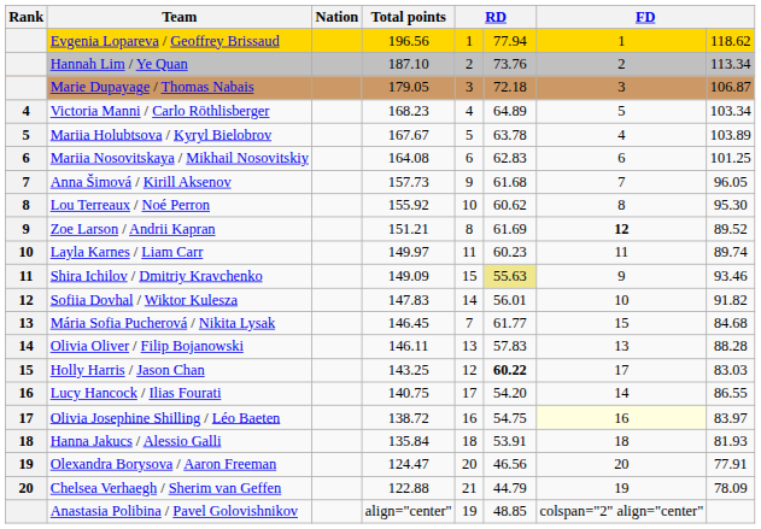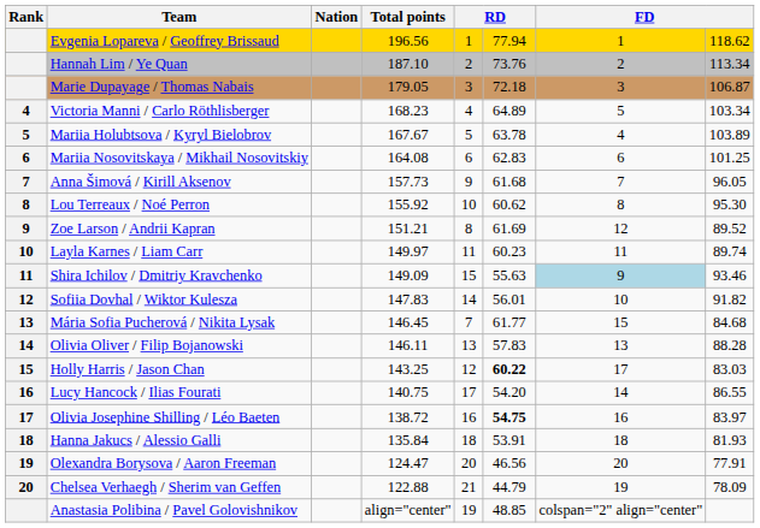 <table class="wikitable sortable" style="text-align:left">
 <tr>
 <th scope="col">Rank</th>
 <th scope="col">Team</th>
 <th scope="col">Nation</th>
 <th scope="col">Total points</th>
 <th scope="col" colspan="2" width="80px"><a href='#'>RD</a></th>
 <th scope="col" colspan="2" width="80px"><a href='#'>FD</a></th>
 </tr>
 <tr bgcolor="gold">
 <th scope="row"></th>
 <td><a href='#'>Evgenia Lopareva</a> / <a href='#'>Geoffrey Brissaud</a></td>
 <td></td>
 <td align="center">196.56</td>
 <td align="center">1</td>
 <td align="center">77.94</td>
 <td align="center">1</td>
 <td align="center">118.62</td>
 </tr>
 <tr bgcolor="silver">
 <th scope="row"></th>
 <td><a href='#'>Hannah Lim</a> / <a href='#'>Ye Quan</a></td>
 <td></td>
 <td align="center">187.10</td>
 <td align="center">2</td>
 <td align="center">73.76</td>
 <td align="center">2</td>
 <td align="center">113.34</td>
 </tr>
 <tr bgcolor="cc9966">
 <th scope="row"></th>
 <td><a href='#'>Marie Dupayage</a> / <a href='#'>Thomas Nabais</a></td>
 <td></td>
 <td align="center">179.05</td>
 <td align="center">3</td>
 <td align="center">72.18</td>
 <td align="center">3</td>
 <td align="center">106.87</td>
 </tr>
 <tr>
 <th scope="row">4</th>
 <td><a href='#'>Victoria Manni</a> / <a href='#'>Carlo Röthlisberger</a></td>
 <td></td>
 <td align="center">168.23</td>
 <td align="center">4</td>
 <td align="center">64.89</td>
 <td align="center">5</td>
 <td align="center">103.34</td>
 </tr>
 <tr>
 <th scope="row">5</th>
 <td><a href='#'>Mariia Holubtsova</a> / <a href='#'>Kyryl Bielobrov</a></td>
 <td></td>
 <td align="center">167.67</td>
 <td align="center">5</td>
 <td align="center">63.78</td>
 <td align="center">4</td>
 <td align="center">103.89</td>
 </tr>
 <tr>
 <th scope="row">6</th>
 <td><a href='#'>Mariia Nosovitskaya</a> / <a href='#'>Mikhail Nosovitskiy</a></td>
 <td></td>
 <td align="center">164.08</td>
 <td align="center">6</td>
 <td align="center">62.83</td>
 <td align="center">6</td>
 <td align="center">101.25</td>
 </tr>
 <tr>
 <th scope="row">7</th>
 <td><a href='#'>Anna Šimová</a> / <a href='#'>Kirill Aksenov</a></td>
 <td></td>
 <td align="center">157.73</td>
 <td align="center">9</td>
 <td align="center">61.68</td>
 <td align="center">7</td>
 <td align="center">96.05</td>
 </tr>
 <tr>
 <th scope="row">8</th>
 <td><a href='#'>Lou Terreaux</a> / <a href='#'>Noé Perron</a></td>
 <td></td>
 <td align="center">155.92</td>
 <td align="center">10</td>
 <td align="center">60.62</td>
 <td align="center">8</td>
 <td align="center">95.30</td>
 </tr>
 <tr>
 <th scope="row">9</th>
 <td><a href='#'>Zoe Larson</a> / <a href='#'>Andrii Kapran</a></td>
 <td></td>
 <td align="center">151.21</td>
 <td align="center">8</td>
 <td align="center">61.69</td>
-<td align="center"><strong>12</strong></td>
+<td align="center">12</td>
 <td align="center">89.52</td>
 </tr>
 <tr>
 <th scope="row">10</th>
 <td><a href='#'>Layla Karnes</a> / <a href='#'>Liam Carr</a></td>
 <td></td>
 <td align="center">149.97</td>
 <td align="center">11</td>
 <td align="center">60.23</td>
 <td align="center">11</td>
 <td align="center">89.74</td>
 </tr>
 <tr>
 <th scope="row">11</th>
 <td><a href='#'>Shira Ichilov</a> / <a href='#'>Dmitriy Kravchenko</a></td>
 <td></td>
 <td align="center">149.09</td>
 <td align="center">15</td>
-<td align="center" style="background: khaki;">55.63</td>
-<td align="center">9</td>
+<td align="center">55.63</td>
+<td align="center" style="background: lightblue;">9</td>
 <td align="center">93.46</td>
 </tr>
 <tr>
 <th scope="row">12</th>
 <td><a href='#'>Sofiia Dovhal</a> / <a href='#'>Wiktor Kulesza</a></td>
 <td></td>
 <td align="center">147.83</td>
 <td align="center">14</td>
 <td align="center">56.01</td>
 <td align="center">10</td>
 <td align="center">91.82</td>
 </tr>
 <tr>
 <th scope="row">13</th>
 <td><a href='#'>Mária Sofia Pucherová</a> / <a href='#'>Nikita Lysak</a></td>
 <td></td>
 <td align="center">146.45</td>
 <td align="center">7</td>
 <td align="center">61.77</td>
 <td align="center">15</td>
 <td align="center">84.68</td>
 </tr>
 <tr>
 <th scope="row">14</th>
 <td><a href='#'>Olivia Oliver</a> / <a href='#'>Filip Bojanowski</a></td>
 <td></td>
 <td align="center">146.11</td>
 <td align="center">13</td>
 <td align="center">57.83</td>
 <td align="center">13</td>
 <td align="center">88.28</td>
 </tr>
 <tr>
 <th scope="row">15</th>
 <td><a href='#'>Holly Harris</a> / <a href='#'>Jason Chan</a></td>
 <td></td>
 <td align="center">143.25</td>
 <td align="center">12</td>
 <td align="center"><strong>60.22</strong></td>
 <td align="center">17</td>
 <td align="center">83.03</td>
 </tr>
 <tr>
 <th scope="row">16</th>
 <td><a href='#'>Lucy Hancock</a> / <a href='#'>Ilias Fourati</a></td>
 <td></td>
 <td align="center">140.75</td>
 <td align="center">17</td>
 <td align="center">54.20</td>
 <td align="center">14</td>
 <td align="center">86.55</td>
 </tr>
 <tr>
 <th scope="row">17</th>
 <td><a href='#'>Olivia Josephine Shilling</a> / <a href='#'>Léo Baeten</a></td>
 <td></td>
 <td align="center">138.72</td>
 <td align="center">16</td>
-<td align="center">54.75</td>
-<td align="center" style="background: lightyellow;">16</td>
+<td align="center"><strong>54.75</strong></td>
+<td align="center">16</td>
 <td align="center">83.97</td>
 </tr>
 <tr>
 <th scope="row">18</th>
 <td><a href='#'>Hanna Jakucs</a> / <a href='#'>Alessio Galli</a></td>
 <td></td>
 <td align="center">135.84</td>
 <td align="center">18</td>
 <td align="center">53.91</td>
 <td align="center">18</td>
 <td align="center">81.93</td>
 </tr>
 <tr>
 <th scope="row">19</th>
 <td><a href='#'>Olexandra Borysova</a> / <a href='#'>Aaron Freeman</a></td>
 <td></td>
 <td align="center">124.47</td>
 <td align="center">20</td>
 <td align="center">46.56</td>
 <td align="center">20</td>
 <td align="center">77.91</td>
 </tr>
 <tr>
 <th scope="row">20</th>
 <td><a href='#'>Chelsea Verhaegh</a> / <a href='#'>Sherim van Geffen</a></td>
 <td></td>
 <td align="center">122.88</td>
 <td align="center">21</td>
 <td align="center">44.79</td>
 <td align="center">19</td>
 <td align="center">78.09</td>
 </tr>
 <tr>
 <th scope="row"></th>
 <td><a href='#'>Anastasia Polibina</a> / <a href='#'>Pavel Golovishnikov</a></td>
 <td></td>
 <td>align="center" </td>
 <td align="center">19</td>
 <td align="center">48.85</td>
 <td>colspan="2"  align="center" </td>
 </tr>
 </table>
